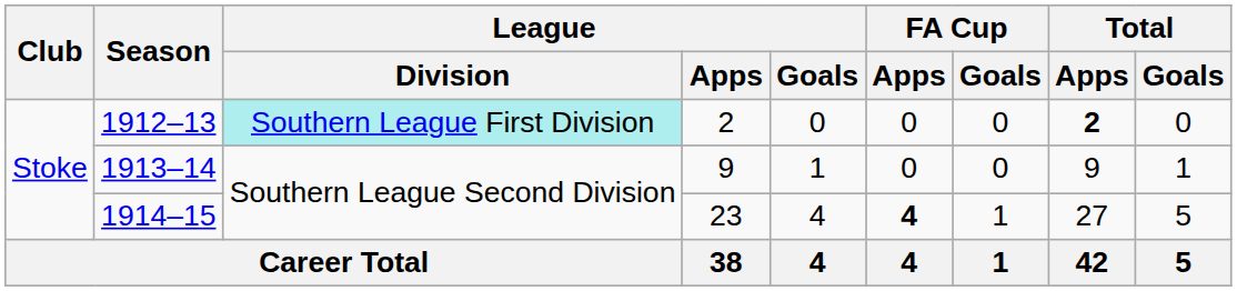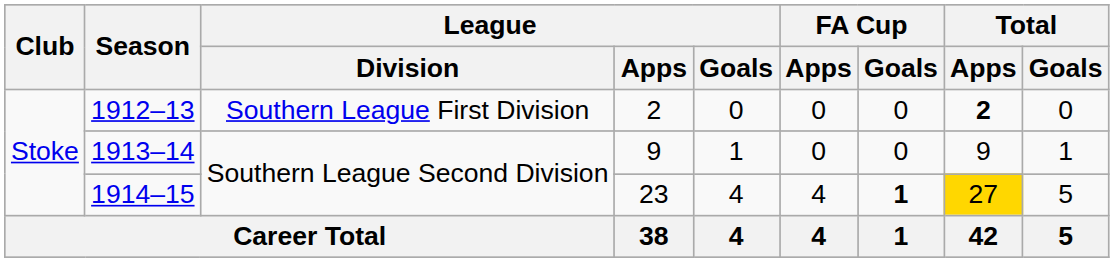 <table class="wikitable" style="text-align: center;">
 <tr>
 <th rowspan="2">Club</th>
 <th rowspan="2">Season</th>
 <th colspan="3">League</th>
 <th colspan="2">FA Cup</th>
 <th colspan="2">Total</th>
 </tr>
 <tr>
 <th>Division</th>
 <th>Apps</th>
 <th>Goals</th>
 <th>Apps</th>
 <th>Goals</th>
 <th>Apps</th>
 <th>Goals</th>
 </tr>
 <tr>
 <td rowspan="3"><a href='#'>Stoke</a></td>
 <td><a href='#'>1912–13</a></td>
-<td style="background: paleturquoise;"><a href='#'>Southern League</a> First Division</td>
+<td><a href='#'>Southern League</a> First Division</td>
 <td>2</td>
 <td>0</td>
 <td>0</td>
 <td>0</td>
 <td><strong>2</strong></td>
 <td>0</td>
 </tr>
 <tr>
 <td><a href='#'>1913–14</a></td>
 <td rowspan="2">Southern League Second Division</td>
 <td>9</td>
 <td>1</td>
 <td>0</td>
 <td>0</td>
 <td>9</td>
 <td>1</td>
 </tr>
 <tr>
 <td><a href='#'>1914–15</a></td>
 <td>23</td>
 <td>4</td>
-<td><strong>4</strong></td>
-<td>1</td>
-<td>27</td>
+<td>4</td>
+<td><strong>1</strong></td>
+<td style="background: gold;">27</td>
 <td>5</td>
 </tr>
 <tr>
 <th colspan="3">Career Total</th>
 <th>38</th>
 <th>4</th>
 <th>4</th>
 <th>1</th>
 <th>42</th>
 <th>5</th>
 </tr>
 </table>
